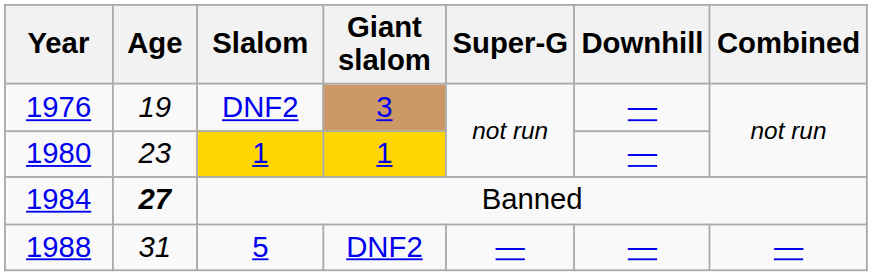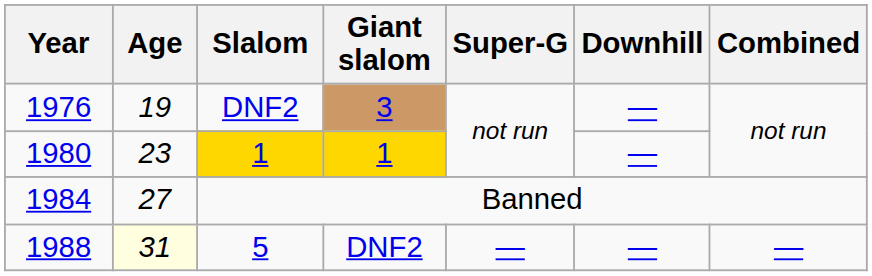 <table class=wikitable style="text-align:center">
 <tr>
 <th>  Year  </th>
 <th> Age </th>
 <th> Slalom </th>
 <th> Giant <br> slalom </th>
 <th>Super-G</th>
 <th>Downhill</th>
 <th>Combined</th>
 </tr>
 <tr>
 <td><a href='#'>1976</a></td>
 <td><em>19</em></td>
 <td><a href='#'>DNF2</a></td>
 <td style="background:#c96;"><a href='#'>3</a></td>
 <td rowspan=2><small><em>not run</em></small></td>
 <td><a href='#'>—</a></td>
 <td rowspan=2><small><em>not run</em></small></td>
 </tr>
 <tr>
 <td><a href='#'>1980</a></td>
 <td><em>23</em></td>
 <td style="background:gold;"><a href='#'>1</a></td>
 <td style="background:gold;"><a href='#'>1</a></td>
 <td><a href='#'>—</a></td>
 </tr>
 <tr>
 <td><a href='#'>1984</a></td>
-<td><strong><em>27</em></strong></td>
+<td><em>27</em></td>
 <td colspan=5>Banned</td>
 </tr>
 <tr>
 <td><a href='#'>1988</a></td>
-<td><em>31</em></td>
+<td style="background: lightyellow;"><em>31</em></td>
 <td><a href='#'>5</a></td>
 <td><a href='#'>DNF2</a></td>
 <td><a href='#'>—</a></td>
 <td><a href='#'>—</a></td>
 <td><a href='#'>—</a></td>
 </tr>
 </table>
